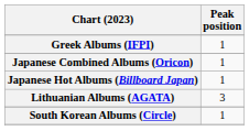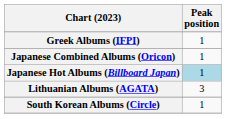 <table class="wikitable plainrowheaders sortable" style="text-align:center">
 <tr>
 <th scope="col">Chart (2023)</th>
 <th scope="col">Peak<br>position</th>
 </tr>
 <tr>
 </tr>
 <tr>
 </tr>
 <tr>
 </tr>
 <tr>
 </tr>
 <tr>
 </tr>
 <tr>
 </tr>
 <tr>
 </tr>
 <tr>
 </tr>
 <tr>
 </tr>
 <tr>
 <th scope="row">Greek Albums (<a href='#'>IFPI</a>)</th>
 <td>1</td>
 </tr>
 <tr>
 </tr>
 <tr>
 </tr>
 <tr>
 </tr>
 <tr>
 <th scope="row">Japanese Combined Albums (<a href='#'>Oricon</a>)</th>
 <td>1</td>
 </tr>
 <tr>
 <th scope="row">Japanese Hot Albums (<em><a href='#'>Billboard Japan</a></em>)</th>
-<td>1</td>
+<td style="background: lightblue;">1</td>
 </tr>
 <tr>
 <th scope="row">Lithuanian Albums (<a href='#'>AGATA</a>)</th>
 <td>3</td>
 </tr>
 <tr>
 </tr>
 <tr>
 </tr>
 <tr>
 </tr>
 <tr>
 <th scope="row">South Korean Albums (<a href='#'>Circle</a>)</th>
 <td>1</td>
 </tr>
 <tr>
 </tr>
 <tr>
 </tr>
 <tr>
 </tr>
 <tr>
 </tr>
 <tr>
 </tr>
 <tr>
 </tr>
 </table>
